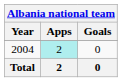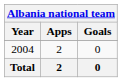 <table class="wikitable" style="text-align:center">
 <tr>
 <th colspan=3><a href='#'>Albania national team</a></th>
 </tr>
 <tr>
 <th>Year</th>
 <th>Apps</th>
 <th>Goals</th>
 </tr>
 <tr>
 </tr>
 <tr>
 <td>2004</td>
-<td style="background: paleturquoise;">2</td>
+<td>2</td>
 <td>0</td>
 </tr>
 <tr>
 <th>Total</th>
 <th>2</th>
 <th>0</th>
 </tr>
 </table>
